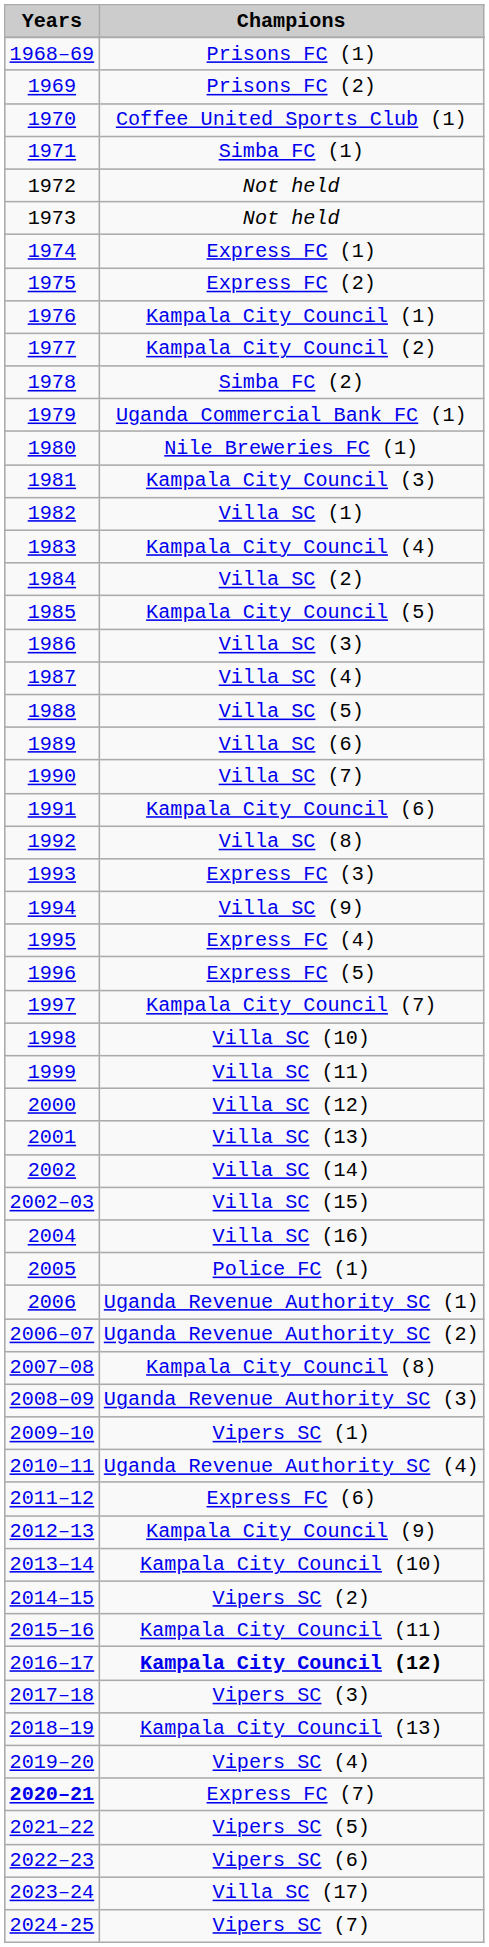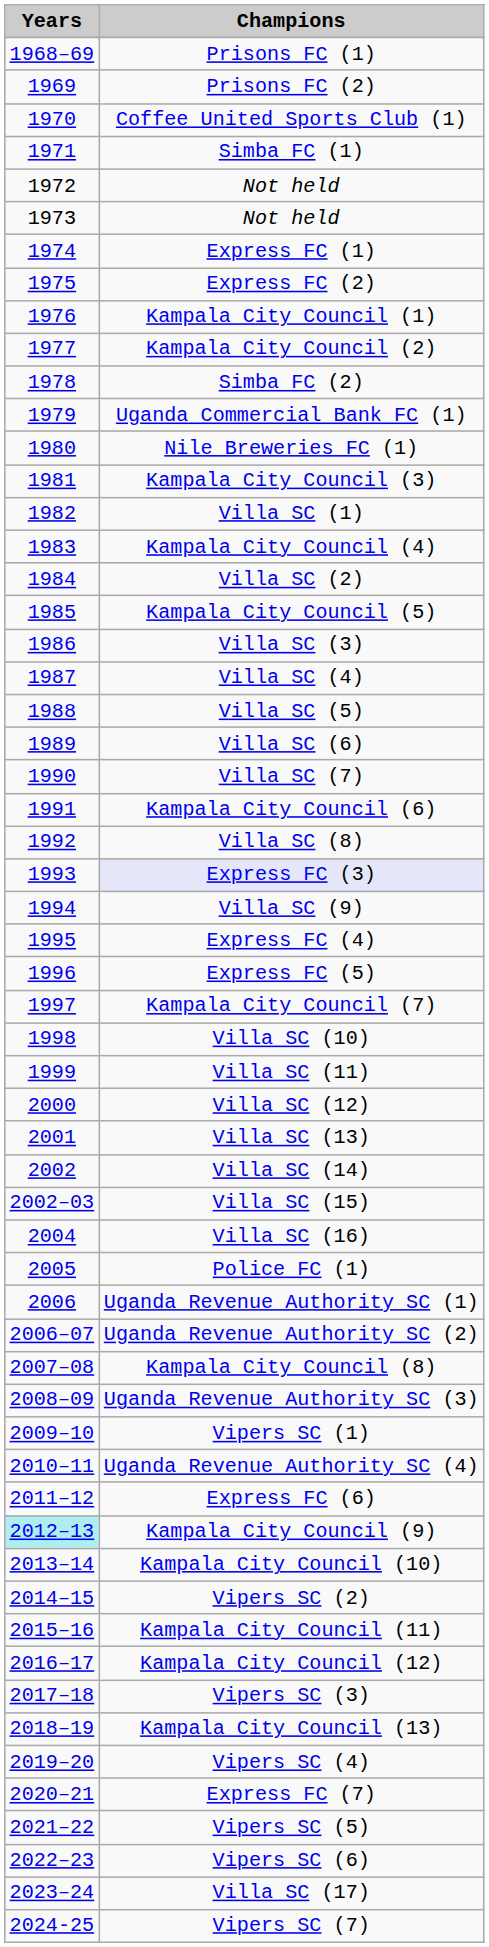 <table class="wikitable" style="text-align: center;">
 <tr bgcolor="#CCCCCC">
 <td><strong>Years</strong></td>
 <td><strong>Champions</strong></td>
 </tr>
 <tr bgcolor="#EFEFEF">
 </tr>
 <tr>
 <td><a href='#'>1968–69</a></td>
 <td><a href='#'>Prisons FC</a> (1)</td>
 </tr>
 <tr>
 <td><a href='#'>1969</a></td>
 <td><a href='#'>Prisons FC</a> (2)</td>
 </tr>
 <tr>
 <td><a href='#'>1970</a></td>
 <td><a href='#'>Coffee United Sports Club</a> (1)</td>
 </tr>
 <tr>
 <td><a href='#'>1971</a></td>
 <td><a href='#'>Simba FC</a> (1)</td>
 </tr>
 <tr>
 <td>1972</td>
 <td><em>Not held</em></td>
 </tr>
 <tr>
 <td>1973</td>
 <td><em>Not held</em></td>
 </tr>
 <tr>
 <td><a href='#'>1974</a></td>
 <td><a href='#'>Express FC</a> (1)</td>
 </tr>
 <tr>
 <td><a href='#'>1975</a></td>
 <td><a href='#'>Express FC</a> (2)</td>
 </tr>
 <tr>
 <td><a href='#'>1976</a></td>
 <td><a href='#'>Kampala City Council</a> (1)</td>
 </tr>
 <tr>
 <td><a href='#'>1977</a></td>
 <td><a href='#'>Kampala City Council</a> (2)</td>
 </tr>
 <tr>
 <td><a href='#'>1978</a></td>
 <td><a href='#'>Simba FC</a> (2)</td>
 </tr>
 <tr>
 <td><a href='#'>1979</a></td>
 <td><a href='#'>Uganda Commercial Bank FC</a> (1)</td>
 </tr>
 <tr>
 <td><a href='#'>1980</a></td>
 <td><a href='#'>Nile Breweries FC</a> (1)</td>
 </tr>
 <tr>
 <td><a href='#'>1981</a></td>
 <td><a href='#'>Kampala City Council</a> (3)</td>
 </tr>
 <tr>
 <td><a href='#'>1982</a></td>
 <td><a href='#'>Villa SC</a> (1)</td>
 </tr>
 <tr>
 <td><a href='#'>1983</a></td>
 <td><a href='#'>Kampala City Council</a> (4)</td>
 </tr>
 <tr>
 <td><a href='#'>1984</a></td>
 <td><a href='#'>Villa SC</a> (2)</td>
 </tr>
 <tr>
 <td><a href='#'>1985</a></td>
 <td><a href='#'>Kampala City Council</a> (5)</td>
 </tr>
 <tr>
 <td><a href='#'>1986</a></td>
 <td><a href='#'>Villa SC</a> (3)</td>
 </tr>
 <tr>
 <td><a href='#'>1987</a></td>
 <td><a href='#'>Villa SC</a> (4)</td>
 </tr>
 <tr>
 <td><a href='#'>1988</a></td>
 <td><a href='#'>Villa SC</a> (5)</td>
 </tr>
 <tr>
 <td><a href='#'>1989</a></td>
 <td><a href='#'>Villa SC</a> (6)</td>
 </tr>
 <tr>
 <td><a href='#'>1990</a></td>
 <td><a href='#'>Villa SC</a> (7)</td>
 </tr>
 <tr>
 <td><a href='#'>1991</a></td>
 <td><a href='#'>Kampala City Council</a> (6)</td>
 </tr>
 <tr>
 <td><a href='#'>1992</a></td>
 <td><a href='#'>Villa SC</a> (8)</td>
 </tr>
 <tr>
 <td><a href='#'>1993</a></td>
-<td><a href='#'>Express FC</a> (3)</td>
+<td style="background: lavender;"><a href='#'>Express FC</a> (3)</td>
 </tr>
 <tr>
 <td><a href='#'>1994</a></td>
 <td><a href='#'>Villa SC</a> (9)</td>
 </tr>
 <tr>
 <td><a href='#'>1995</a></td>
 <td><a href='#'>Express FC</a> (4)</td>
 </tr>
 <tr>
 <td><a href='#'>1996</a></td>
 <td><a href='#'>Express FC</a> (5)</td>
 </tr>
 <tr>
 <td><a href='#'>1997</a></td>
 <td><a href='#'>Kampala City Council</a> (7)</td>
 </tr>
 <tr>
 <td><a href='#'>1998</a></td>
 <td><a href='#'>Villa SC</a> (10)</td>
 </tr>
 <tr>
 <td><a href='#'>1999</a></td>
 <td><a href='#'>Villa SC</a> (11)</td>
 </tr>
 <tr>
 <td><a href='#'>2000</a></td>
 <td><a href='#'>Villa SC</a> (12)</td>
 </tr>
 <tr>
 <td><a href='#'>2001</a></td>
 <td><a href='#'>Villa SC</a> (13)</td>
 </tr>
 <tr>
 <td><a href='#'>2002</a></td>
 <td><a href='#'>Villa SC</a> (14)</td>
 </tr>
 <tr>
 <td><a href='#'>2002–03</a></td>
 <td><a href='#'>Villa SC</a> (15)</td>
 </tr>
 <tr>
 <td><a href='#'>2004</a></td>
 <td><a href='#'>Villa SC</a> (16)</td>
 </tr>
 <tr>
 <td><a href='#'>2005</a></td>
 <td><a href='#'>Police FC</a> (1)</td>
 </tr>
 <tr>
 <td><a href='#'>2006</a></td>
 <td><a href='#'>Uganda Revenue Authority SC</a> (1)</td>
 </tr>
 <tr>
 <td><a href='#'>2006–07</a></td>
 <td><a href='#'>Uganda Revenue Authority SC</a> (2)</td>
 </tr>
 <tr>
 <td><a href='#'>2007–08</a></td>
 <td><a href='#'>Kampala City Council</a> (8)</td>
 </tr>
 <tr>
 <td><a href='#'>2008–09</a></td>
 <td><a href='#'>Uganda Revenue Authority SC</a> (3)</td>
 </tr>
 <tr>
 <td><a href='#'>2009–10</a></td>
 <td><a href='#'>Vipers SC</a> (1)</td>
 </tr>
 <tr>
 <td><a href='#'>2010–11</a></td>
 <td><a href='#'>Uganda Revenue Authority SC</a> (4)</td>
 </tr>
 <tr>
 <td><a href='#'>2011–12</a></td>
 <td><a href='#'>Express FC</a> (6)</td>
 </tr>
 <tr>
-<td><a href='#'>2012–13</a></td>
+<td style="background: paleturquoise;"><a href='#'>2012–13</a></td>
 <td><a href='#'>Kampala City Council</a> (9)</td>
 </tr>
 <tr>
 <td><a href='#'>2013–14</a></td>
 <td><a href='#'>Kampala City Council</a> (10)</td>
 </tr>
 <tr>
 <td><a href='#'>2014–15</a></td>
 <td><a href='#'>Vipers SC</a> (2)</td>
 </tr>
 <tr>
 <td><a href='#'>2015–16</a></td>
 <td><a href='#'>Kampala City Council</a> (11)</td>
 </tr>
 <tr>
 <td><a href='#'>2016–17</a></td>
-<td><strong><a href='#'>Kampala City Council</a> (12)</strong></td>
+<td><a href='#'>Kampala City Council</a> (12)</td>
 </tr>
 <tr>
 <td><a href='#'>2017–18</a></td>
 <td><a href='#'>Vipers SC</a> (3)</td>
 </tr>
 <tr>
 <td><a href='#'>2018–19</a></td>
 <td><a href='#'>Kampala City Council</a> (13)</td>
 </tr>
 <tr>
 <td><a href='#'>2019–20</a></td>
 <td><a href='#'>Vipers SC</a> (4)</td>
 </tr>
 <tr>
-<td><strong><a href='#'>2020–21</a></strong></td>
+<td><a href='#'>2020–21</a></td>
 <td><a href='#'>Express FC</a> (7)</td>
 </tr>
 <tr>
 <td><a href='#'>2021–22</a></td>
 <td><a href='#'>Vipers SC</a> (5)</td>
 </tr>
 <tr>
 <td><a href='#'>2022–23</a></td>
 <td><a href='#'>Vipers SC</a> (6)</td>
 </tr>
 <tr>
 <td><a href='#'>2023–24</a></td>
 <td><a href='#'>Villa SC</a> (17)</td>
 </tr>
 <tr>
 <td><a href='#'>2024-25</a></td>
 <td><a href='#'>Vipers SC</a> (7)</td>
 </tr>
 </table>
